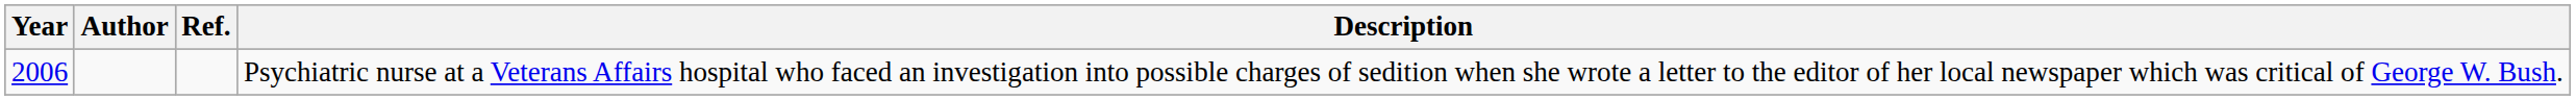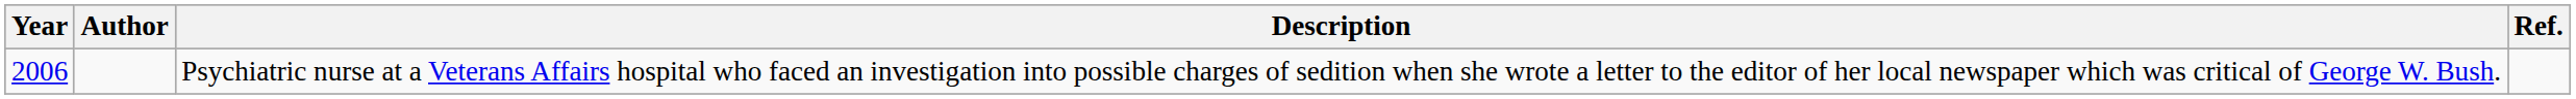 <table class="wikitable sortable mw-collapsible">
 <tr>
 <th>Year</th>
 <th>Author</th>
+<th>Description</th>
 <th>Ref.</th>
-<th>Description</th>
 </tr>
 <tr>
 <td><a href='#'>2006</a></td>
 <td></td>
+<td>Psychiatric nurse at a <a href='#'>Veterans Affairs</a> hospital who faced an investigation into possible charges of sedition when she wrote a letter to the editor of her local newspaper which was critical of <a href='#'>George W. Bush</a>.</td>
 <td></td>
-<td>Psychiatric nurse at a <a href='#'>Veterans Affairs</a> hospital who faced an investigation into possible charges of sedition when she wrote a letter to the editor of her local newspaper which was critical of <a href='#'>George W. Bush</a>.</td>
 </tr>
 </table>
